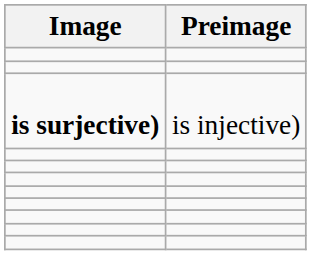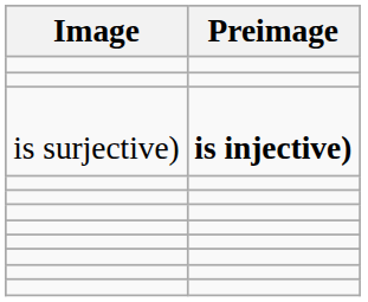 <table class="wikitable">
 <tr>
 <th>Image</th>
 <th>Preimage</th>
 </tr>
 <tr>
 <td></td>
 <td></td>
 </tr>
 <tr>
 <td></td>
 <td></td>
 </tr>
 <tr>
-<td><strong><br> is surjective)</strong></td>
-<td><br> is injective)</td>
+<td><br> is surjective)</td>
+<td><strong><br> is injective)</strong></td>
 </tr>
 <tr>
 <td></td>
 <td></td>
 </tr>
 <tr>
 <td></td>
 <td></td>
 </tr>
 <tr>
 <td></td>
 <td></td>
 </tr>
 <tr>
 <td></td>
 <td></td>
 </tr>
 <tr>
 <td></td>
 <td></td>
 </tr>
 <tr>
 <td></td>
 <td></td>
 </tr>
 <tr>
 <td></td>
 <td></td>
 </tr>
 <tr>
 <td></td>
 <td></td>
 </tr>
 </table>
